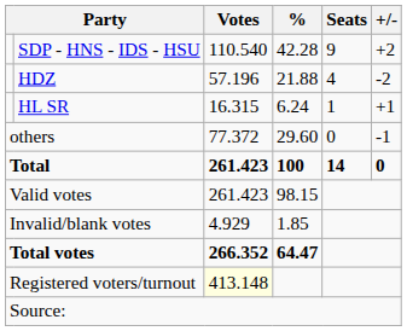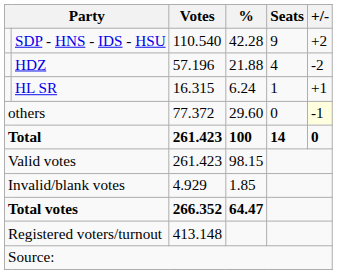 <table class="wikitable" style="text-align: left;">
 <tr>
 <th colspan="2">Party</th>
 <th>Votes</th>
 <th>%</th>
 <th>Seats</th>
 <th>+/-</th>
 </tr>
 <tr>
 <td style="background-color: "></td>
 <td><a href='#'>SDP</a> - <a href='#'>HNS</a> - <a href='#'>IDS</a> - <a href='#'>HSU</a></td>
 <td>110.540</td>
 <td>42.28</td>
 <td>9</td>
 <td>+2</td>
 </tr>
 <tr>
 <td style="background-color: "></td>
 <td><a href='#'>HDZ</a></td>
 <td>57.196</td>
 <td>21.88</td>
 <td>4</td>
 <td>-2</td>
 </tr>
 <tr>
 <td style="background-color: "></td>
 <td><a href='#'>HL SR</a></td>
 <td>16.315</td>
 <td>6.24</td>
 <td>1</td>
 <td>+1</td>
 </tr>
 <tr>
 <td colspan="2">others</td>
 <td>77.372</td>
 <td>29.60</td>
 <td>0</td>
-<td>-1</td>
+<td style="background: lightyellow;">-1</td>
 </tr>
 <tr>
 <td colspan="2"><strong>Total</strong></td>
 <td><strong>261.423</strong></td>
 <td><strong>100</strong></td>
 <td><strong>14</strong></td>
 <td><strong>0</strong></td>
 </tr>
 <tr>
 <td colspan="2">Valid votes</td>
 <td>261.423</td>
 <td>98.15</td>
 <td colspan="2"></td>
 </tr>
 <tr>
 <td colspan="2">Invalid/blank votes</td>
 <td>4.929</td>
 <td>1.85</td>
 <td colspan="2"></td>
 </tr>
 <tr>
 <td colspan="2"><strong>Total votes</strong></td>
 <td><strong>266.352</strong></td>
 <td><strong>64.47</strong></td>
 <td colspan="2"></td>
 </tr>
 <tr>
 <td colspan="2">Registered voters/turnout</td>
-<td votes14="5343" style="background: lightyellow;">413.148</td>
+<td votes14="5343">413.148</td>
 <td></td>
 <td colspan="2"></td>
 </tr>
 <tr>
 <td colspan="6">Source: </td>
 </tr>
 </table>
